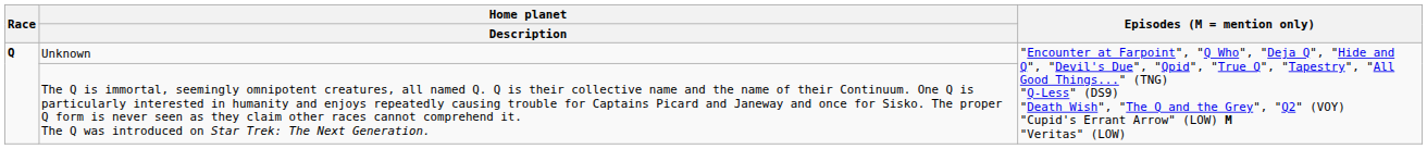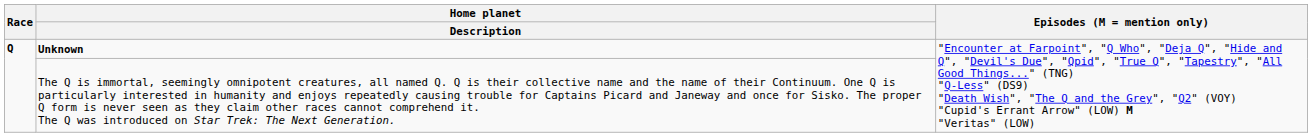 <table class="wikitable">
 <tr>
 <th rowspan="2">Race</th>
 <th>Home planet</th>
 <th rowspan="2">Episodes (M = mention only)</th>
 </tr>
 <tr>
 <th>Description</th>
 </tr>
 <tr>
 <td rowspan="2" style="vertical-align: top;"><strong>Q</strong> </td>
-<td>Unknown</td>
+<td><strong>Unknown</strong></td>
 <td rowspan="2">"<a href='#'>Encounter at Farpoint</a>", "<a href='#'>Q Who</a>", "<a href='#'>Deja Q</a>", "<a href='#'>Hide and Q</a>", "<a href='#'>Devil's Due</a>", "<a href='#'>Qpid</a>", "<a href='#'>True Q</a>", "<a href='#'>Tapestry</a>", "<a href='#'>All Good Things...</a>" (TNG)<br>"<a href='#'>Q-Less</a>" (DS9)<br>"<a href='#'>Death Wish</a>", "<a href='#'>The Q and the Grey</a>", "<a href='#'>Q2</a>" (VOY)<br>"Cupid's Errant Arrow" (LOW) <strong>M</strong><br>"Veritas" (LOW)</td>
 </tr>
 <tr>
 <td><br>The Q is immortal, seemingly omnipotent creatures, all named Q. Q is their collective name and the name of their Continuum. One Q is particularly interested in humanity and enjoys repeatedly causing trouble for Captains Picard and Janeway and once for Sisko. The proper Q form is never seen as they claim other races cannot comprehend it.<br>The Q was introduced on <em>Star Trek: The Next Generation.</em></td>
 </tr>
 </table>
